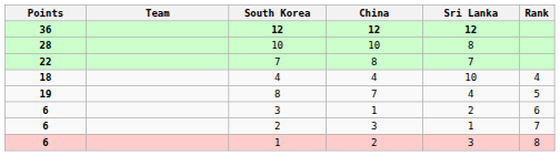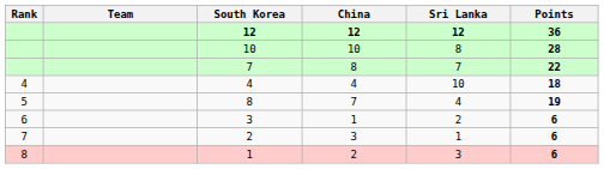 <table class="wikitable" style="text-align: center;">
 <tr>
-<th width=100>Points</th>
+<th width=40>Rank</th>
 <th width=180>Team</th>
 <th width=120>South Korea</th>
 <th width=120>China</th>
 <th width=120>Sri Lanka</th>
-<th width=40>Rank</th>
+<th width=100>Points</th>
 </tr>
 <tr bgcolor=ccffcc>
-<td><strong>36</strong></td>
+<td></td>
 <td align=left></td>
 <td><strong>12</strong></td>
 <td><strong>12</strong></td>
 <td><strong>12</strong></td>
-<td></td>
+<td><strong>36</strong></td>
 </tr>
 <tr bgcolor=ccffcc>
-<td><strong>28</strong></td>
+<td></td>
 <td align=left></td>
 <td>10</td>
 <td>10</td>
 <td>8</td>
-<td></td>
+<td><strong>28</strong></td>
 </tr>
 <tr bgcolor=ccffcc>
-<td><strong>22</strong></td>
+<td></td>
 <td align=left></td>
 <td>7</td>
 <td>8</td>
 <td>7</td>
-<td></td>
+<td><strong>22</strong></td>
 </tr>
 <tr>
-<td><strong>18</strong></td>
+<td>4</td>
 <td align=left></td>
 <td>4</td>
 <td>4</td>
 <td>10</td>
-<td>4</td>
+<td><strong>18</strong></td>
 </tr>
 <tr>
-<td><strong>19</strong></td>
+<td>5</td>
 <td align=left></td>
 <td>8</td>
 <td>7</td>
 <td>4</td>
-<td>5</td>
+<td><strong>19</strong></td>
 </tr>
 <tr>
-<td><strong>6</strong></td>
+<td>6</td>
 <td align=left></td>
 <td>3</td>
 <td>1</td>
 <td>2</td>
-<td>6</td>
+<td><strong>6</strong></td>
 </tr>
 <tr>
-<td><strong>6</strong></td>
+<td>7</td>
 <td align=left></td>
 <td>2</td>
 <td>3</td>
 <td>1</td>
-<td>7</td>
+<td><strong>6</strong></td>
 </tr>
 <tr bgcolor=ffcccc>
-<td><strong>6</strong></td>
+<td>8</td>
 <td align=left></td>
 <td>1</td>
 <td>2</td>
 <td>3</td>
-<td>8</td>
+<td><strong>6</strong></td>
 </tr>
 </table>
